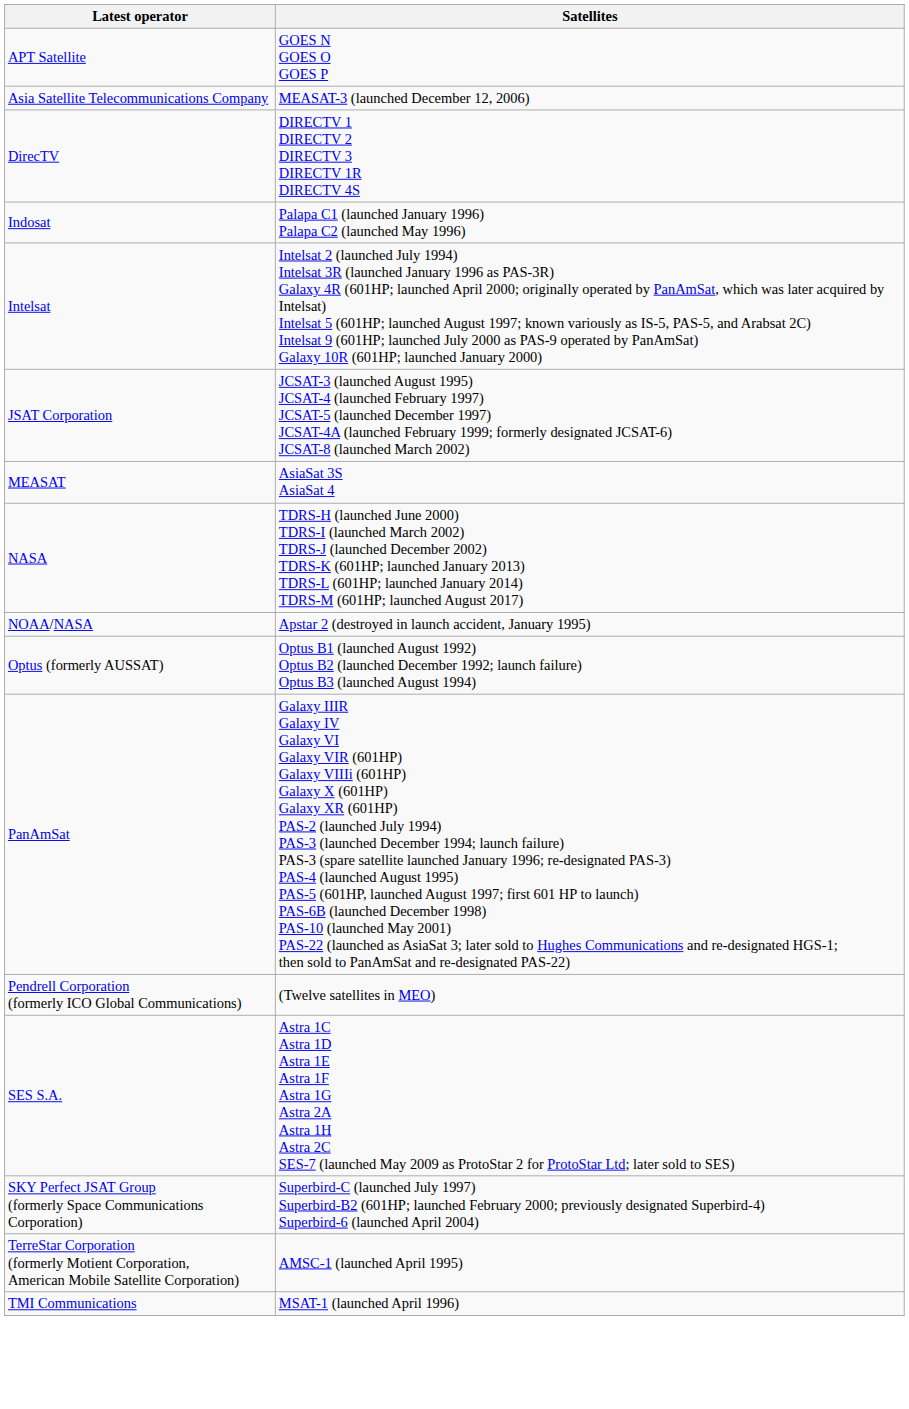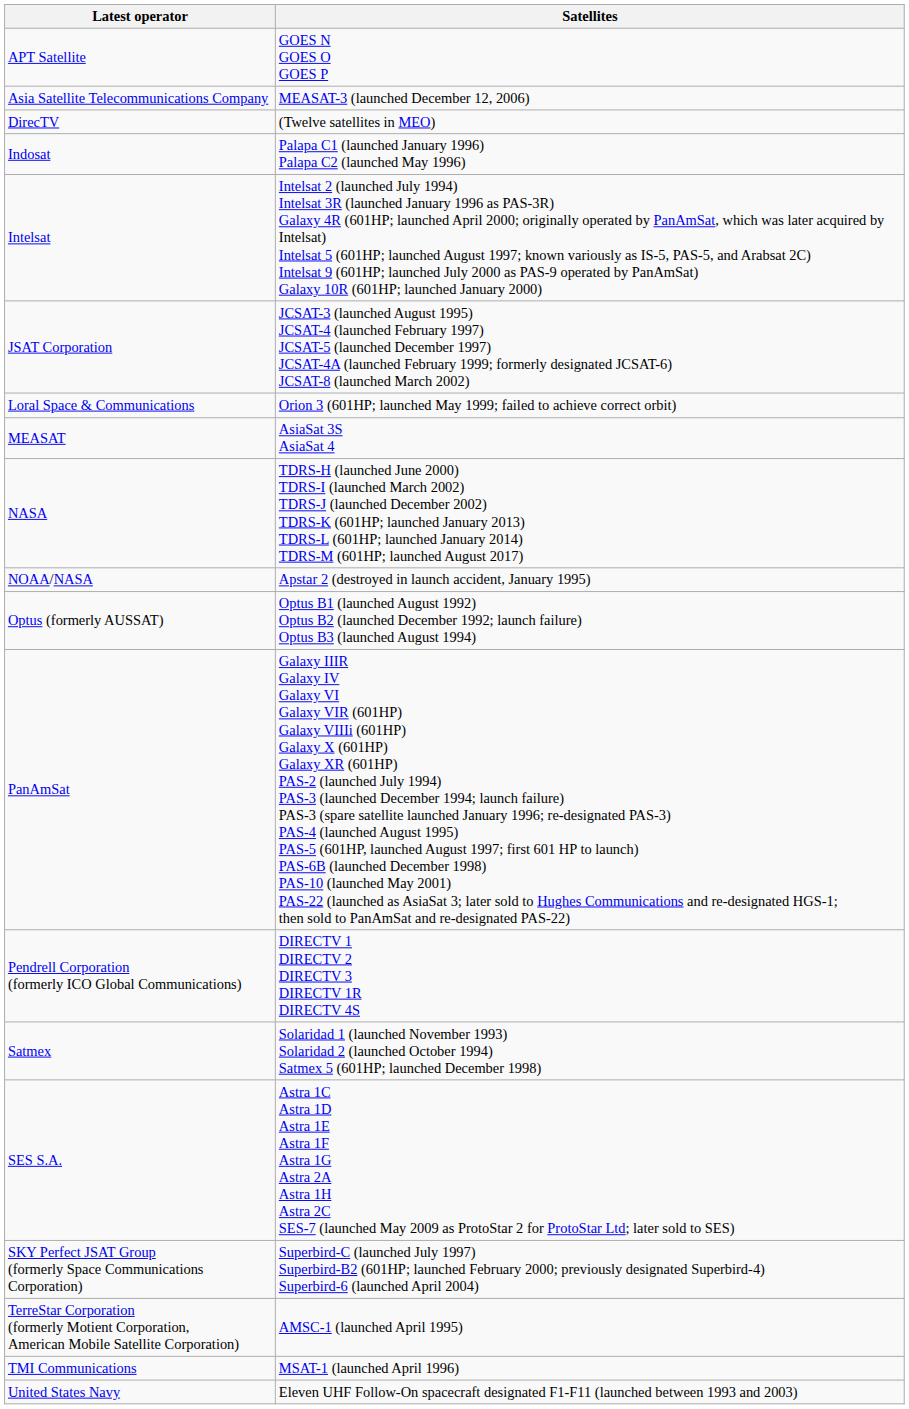 <table class="wikitable" style="margin: 1em auto 1em auto; width:75%; font-size:95%;">
 <tr>
 <th>Latest operator</th>
 <th>Satellites</th>
 </tr>
 <tr>
 <td><a href='#'>APT Satellite</a></td>
 <td><a href='#'>GOES N</a><br><a href='#'>GOES O</a><br><a href='#'>GOES P</a></td>
 </tr>
 <tr>
 <td><a href='#'>Asia Satellite Telecommunications Company</a></td>
 <td><a href='#'>MEASAT-3</a> (launched December 12, 2006)</td>
 </tr>
 <tr>
 <td><a href='#'>DirecTV</a></td>
-<td><a href='#'>DIRECTV 1</a><br><a href='#'>DIRECTV 2</a><br><a href='#'>DIRECTV 3</a><br><a href='#'>DIRECTV 1R</a><br><a href='#'>DIRECTV 4S</a></td>
+<td>(Twelve satellites in <a href='#'>MEO</a>)</td>
 </tr>
 <tr>
 <td><a href='#'>Indosat</a></td>
 <td><a href='#'>Palapa C1</a> (launched January 1996)<br><a href='#'>Palapa C2</a> (launched May 1996)</td>
 </tr>
 <tr>
 <td><a href='#'>Intelsat</a></td>
 <td><a href='#'>Intelsat 2</a> (launched July 1994)<br><a href='#'>Intelsat 3R</a> (launched January 1996 as PAS-3R)<br><a href='#'>Galaxy 4R</a> (601HP; launched April 2000; originally operated by <a href='#'>PanAmSat</a>, which was later acquired by Intelsat)<br><a href='#'>Intelsat 5</a> (601HP; launched August 1997; known variously as IS-5, PAS-5, and Arabsat 2C)<br><a href='#'>Intelsat 9</a> (601HP; launched July 2000 as PAS-9 operated by PanAmSat)<br><a href='#'>Galaxy 10R</a> (601HP; launched January 2000)</td>
 </tr>
 <tr>
 <td><a href='#'>JSAT Corporation</a></td>
 <td><a href='#'>JCSAT-3</a> (launched August 1995)<br><a href='#'>JCSAT-4</a> (launched February 1997)<br><a href='#'>JCSAT-5</a> (launched December 1997)<br><a href='#'>JCSAT-4A</a> (launched February 1999; formerly designated JCSAT-6)<br><a href='#'>JCSAT-8</a> (launched March 2002)</td>
+</tr>
+<tr>
+<td><a href='#'>Loral Space & Communications</a></td>
+<td><a href='#'>Orion 3</a> (601HP; launched May 1999; failed to achieve correct orbit)</td>
 </tr>
 <tr>
 <td><a href='#'>MEASAT</a></td>
 <td><a href='#'>AsiaSat 3S</a><br><a href='#'>AsiaSat 4</a></td>
 </tr>
 <tr>
 <td><a href='#'>NASA</a></td>
 <td><a href='#'>TDRS-H</a> (launched June 2000)<br><a href='#'>TDRS-I</a> (launched March 2002)<br><a href='#'>TDRS-J</a> (launched December 2002)<br><a href='#'>TDRS-K</a> (601HP; launched January 2013)<br><a href='#'>TDRS-L</a> (601HP; launched January 2014)<br><a href='#'>TDRS-M</a> (601HP; launched August 2017)</td>
 </tr>
 <tr>
 <td><a href='#'>NOAA</a>/<a href='#'>NASA</a></td>
 <td><a href='#'>Apstar 2</a> (destroyed in launch accident, January 1995)</td>
 </tr>
 <tr>
 <td><a href='#'>Optus</a> (formerly AUSSAT)</td>
 <td><a href='#'>Optus B1</a> (launched August 1992)<br><a href='#'>Optus B2</a> (launched December 1992; launch failure)<br><a href='#'>Optus B3</a> (launched August 1994)</td>
 </tr>
 <tr>
 <td><a href='#'>PanAmSat</a></td>
 <td><a href='#'>Galaxy IIIR</a><br><a href='#'>Galaxy IV</a><br><a href='#'>Galaxy VI</a><br><a href='#'>Galaxy VIR</a> (601HP)<br><a href='#'>Galaxy VIIIi</a> (601HP)<br><a href='#'>Galaxy X</a> (601HP)<br><a href='#'>Galaxy XR</a> (601HP)<br><a href='#'>PAS-2</a> (launched July 1994)<br><a href='#'>PAS-3</a> (launched December 1994; launch failure)<br>PAS-3 (spare satellite launched January 1996; re-designated PAS-3)<br><a href='#'>PAS-4</a> (launched August 1995)<br><a href='#'>PAS-5</a> (601HP, launched August 1997; first 601 HP to launch)<br><a href='#'>PAS-6B</a> (launched December 1998)<br><a href='#'>PAS-10</a> (launched May 2001)<br><a href='#'>PAS-22</a> (launched as AsiaSat 3; later sold to <a href='#'>Hughes Communications</a> and re-designated HGS-1;<br>then sold to PanAmSat and re-designated PAS-22)</td>
 </tr>
 <tr>
 <td><a href='#'>Pendrell Corporation</a><br>(formerly ICO Global Communications)</td>
-<td>(Twelve satellites in <a href='#'>MEO</a>)</td>
+<td><a href='#'>DIRECTV 1</a><br><a href='#'>DIRECTV 2</a><br><a href='#'>DIRECTV 3</a><br><a href='#'>DIRECTV 1R</a><br><a href='#'>DIRECTV 4S</a></td>
+</tr>
+<tr>
+<td><a href='#'>Satmex</a></td>
+<td><a href='#'>Solaridad 1</a> (launched November 1993)<br><a href='#'>Solaridad 2</a> (launched October 1994)<br><a href='#'>Satmex 5</a> (601HP; launched December 1998)</td>
 </tr>
 <tr>
 <td><a href='#'>SES S.A.</a></td>
 <td><a href='#'>Astra 1C</a><br><a href='#'>Astra 1D</a><br><a href='#'>Astra 1E</a><br><a href='#'>Astra 1F</a><br><a href='#'>Astra 1G</a><br><a href='#'>Astra 2A</a><br><a href='#'>Astra 1H</a><br><a href='#'>Astra 2C</a><br><a href='#'>SES-7</a> (launched May 2009 as ProtoStar 2 for <a href='#'>ProtoStar Ltd</a>; later sold to SES)</td>
 </tr>
 <tr>
 <td><a href='#'>SKY Perfect JSAT Group</a><br>(formerly Space Communications Corporation)</td>
 <td><a href='#'>Superbird-C</a> (launched July 1997)<br><a href='#'>Superbird-B2</a> (601HP; launched February 2000; previously designated Superbird-4)<br><a href='#'>Superbird-6</a> (launched April 2004)</td>
 </tr>
 <tr>
 <td><a href='#'>TerreStar Corporation</a><br>(formerly Motient Corporation,<br>American Mobile Satellite Corporation)</td>
 <td><a href='#'>AMSC-1</a> (launched April 1995)</td>
 </tr>
 <tr>
 <td><a href='#'>TMI Communications</a></td>
 <td><a href='#'>MSAT-1</a> (launched April 1996)</td>
 </tr>
+<tr>
+<td><a href='#'>United States Navy</a></td>
+<td>Eleven UHF Follow-On spacecraft designated F1-F11 (launched between 1993 and 2003)</td>
+</tr>
 </table>
